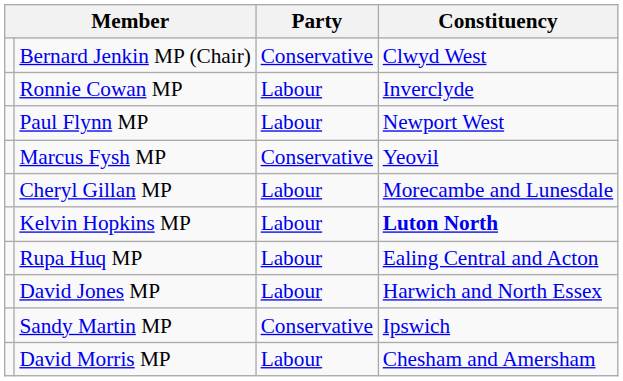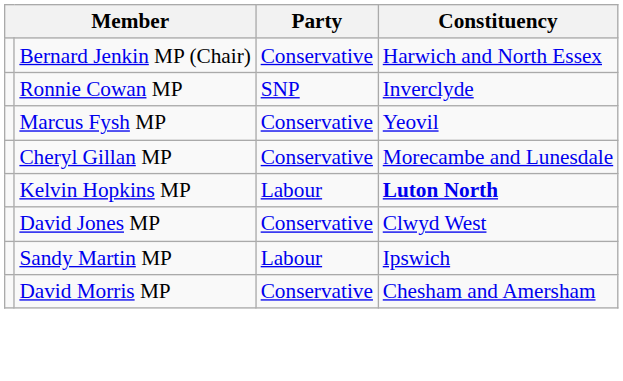 <table class="wikitable">
 <tr>
 <th colspan=2>Member</th>
 <th>Party</th>
 <th>Constituency</th>
 </tr>
 <tr>
 <td style="color:inherit;background:"></td>
 <td><a href='#'>Bernard Jenkin</a> MP (Chair)</td>
 <td><a href='#'>Conservative</a></td>
-<td><a href='#'>Clwyd West</a></td>
+<td><a href='#'>Harwich and North Essex</a></td>
 </tr>
 <tr>
 <td style="color:inherit;background:"></td>
 <td><a href='#'>Ronnie Cowan</a> MP</td>
-<td><a href='#'>Labour</a></td>
+<td><a href='#'>SNP</a></td>
 <td><a href='#'>Inverclyde</a></td>
-</tr>
-<tr>
-<td style="color:inherit;background:"></td>
-<td><a href='#'>Paul Flynn</a> MP</td>
-<td><a href='#'>Labour</a></td>
-<td><a href='#'>Newport West</a></td>
 </tr>
 <tr>
 <td style="color:inherit;background:"></td>
 <td><a href='#'>Marcus Fysh</a> MP</td>
 <td><a href='#'>Conservative</a></td>
 <td><a href='#'>Yeovil</a></td>
 </tr>
 <tr>
 <td style="color:inherit;background:"></td>
 <td><a href='#'>Cheryl Gillan</a> MP</td>
-<td><a href='#'>Labour</a></td>
+<td><a href='#'>Conservative</a></td>
 <td><a href='#'>Morecambe and Lunesdale</a></td>
 </tr>
 <tr>
 <td style="color:inherit;background:"></td>
 <td><a href='#'>Kelvin Hopkins</a> MP</td>
 <td><a href='#'>Labour</a></td>
 <td><strong><a href='#'>Luton North</a></strong></td>
 </tr>
 <tr>
 <td style="color:inherit;background:"></td>
-<td><a href='#'>Rupa Huq</a> MP</td>
-<td><a href='#'>Labour</a></td>
-<td><a href='#'>Ealing Central and Acton</a></td>
-</tr>
-<tr>
-<td style="color:inherit;background:"></td>
 <td><a href='#'>David Jones</a> MP</td>
-<td><a href='#'>Labour</a></td>
-<td><a href='#'>Harwich and North Essex</a></td>
+<td><a href='#'>Conservative</a></td>
+<td><a href='#'>Clwyd West</a></td>
 </tr>
 <tr>
 <td style="color:inherit;background:"></td>
 <td><a href='#'>Sandy Martin</a> MP</td>
-<td><a href='#'>Conservative</a></td>
+<td><a href='#'>Labour</a></td>
 <td><a href='#'>Ipswich</a></td>
 </tr>
 <tr>
 <td style="color:inherit;background:"></td>
 <td><a href='#'>David Morris</a> MP</td>
-<td><a href='#'>Labour</a></td>
+<td><a href='#'>Conservative</a></td>
 <td><a href='#'>Chesham and Amersham</a></td>
 </tr>
 </table>
